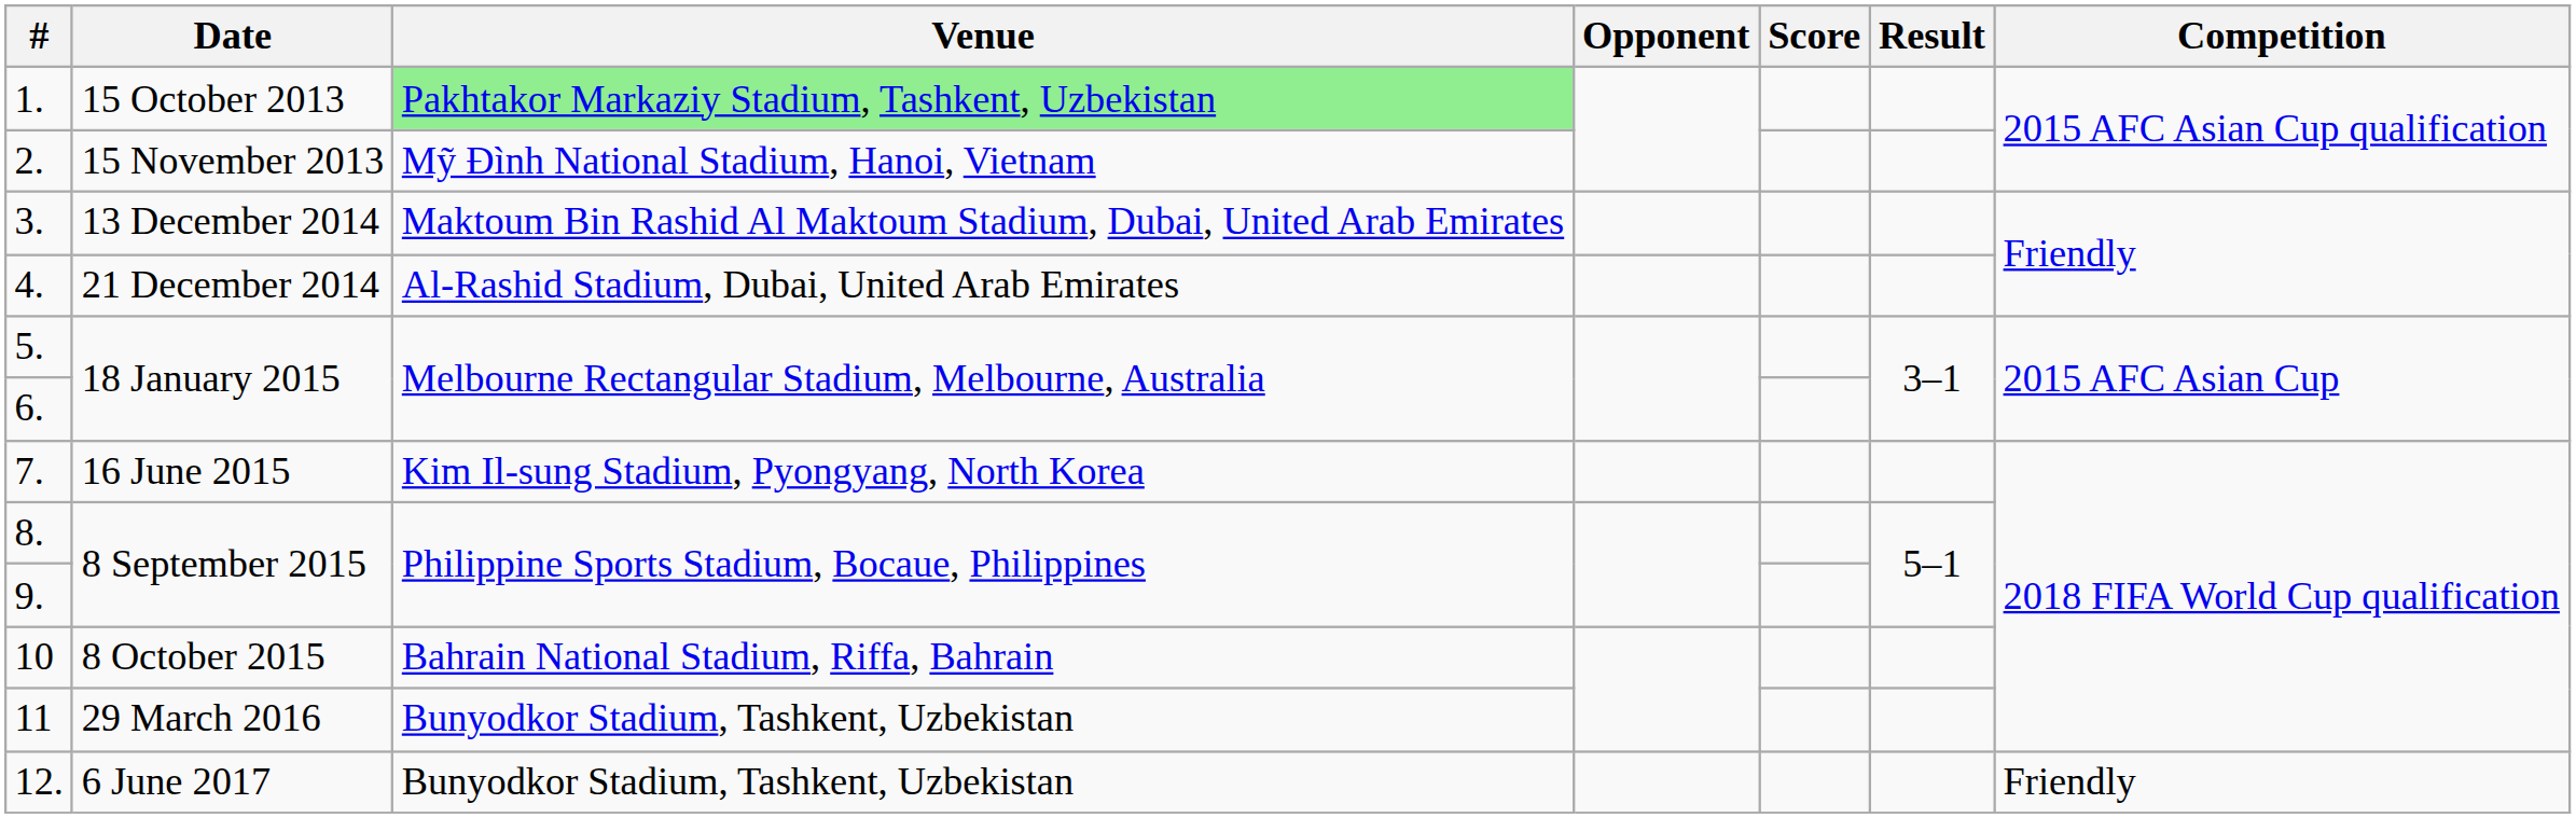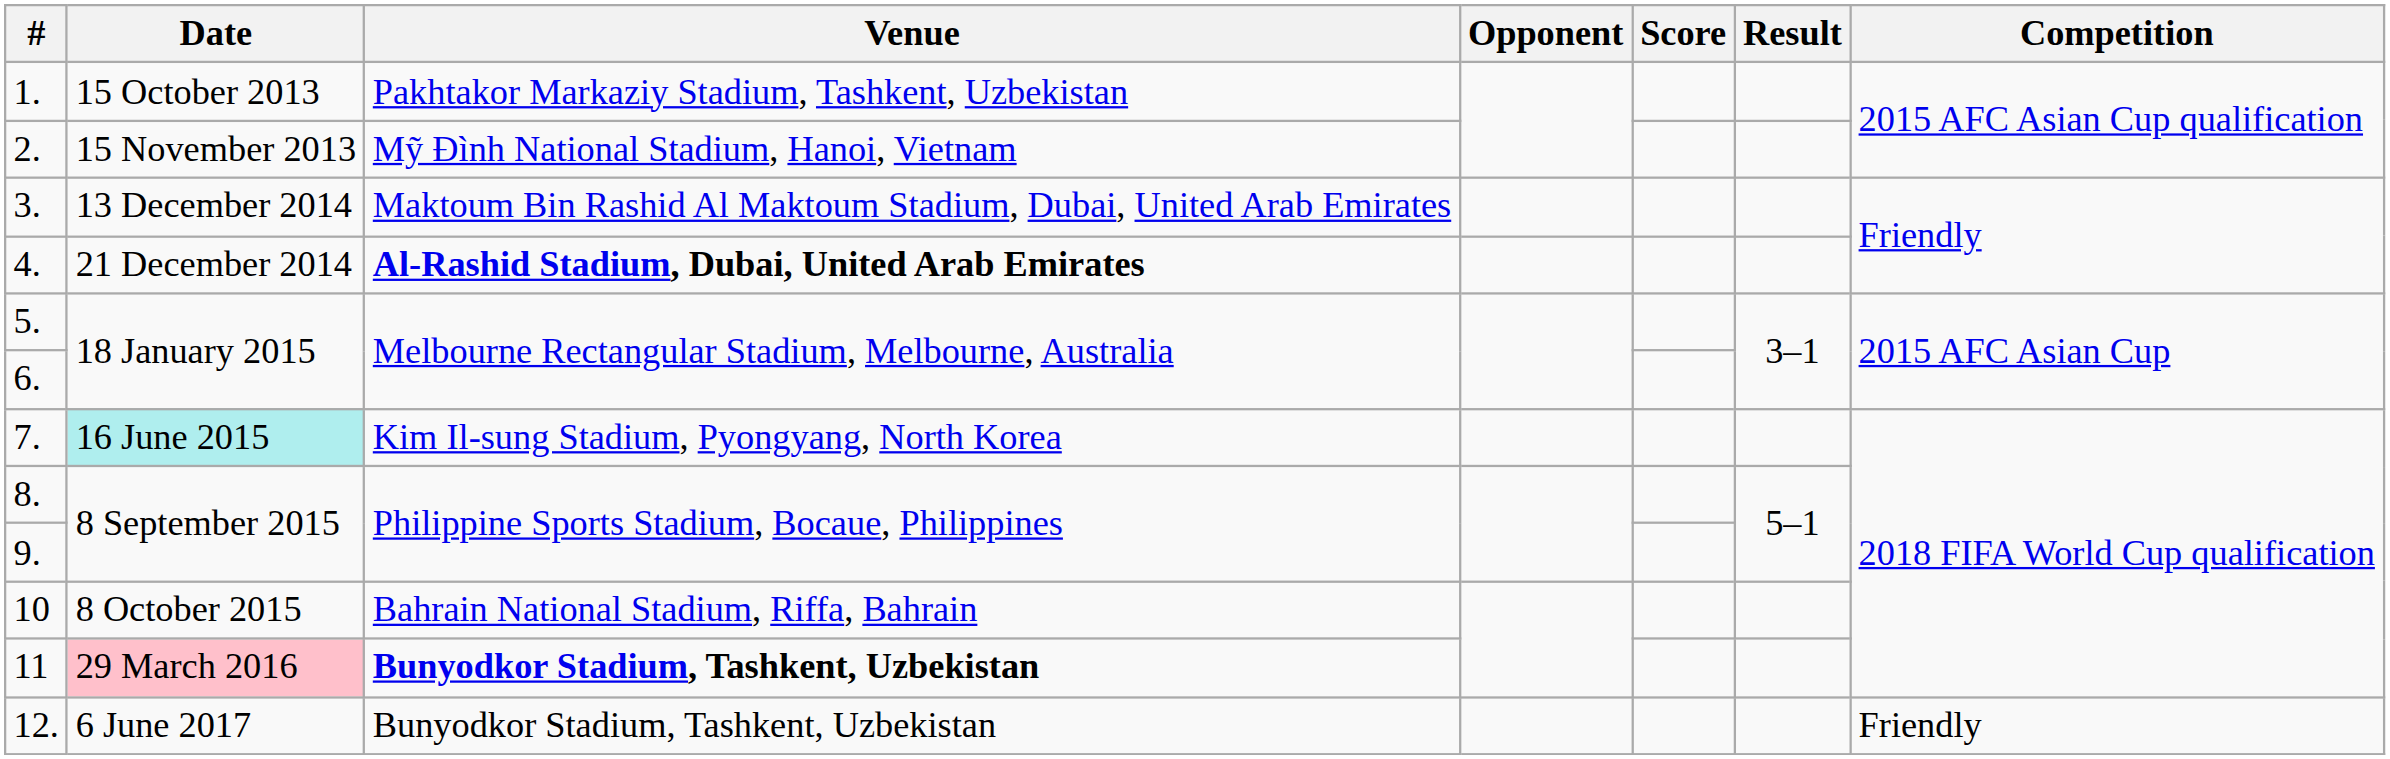 <table class="wikitable">
 <tr>
 <th>#</th>
 <th>Date</th>
 <th>Venue</th>
 <th>Opponent</th>
 <th>Score</th>
 <th>Result</th>
 <th>Competition</th>
 </tr>
 <tr>
 <td>1.</td>
 <td>15 October 2013</td>
-<td style="background: lightgreen;"><a href='#'>Pakhtakor Markaziy Stadium</a>, <a href='#'>Tashkent</a>, <a href='#'>Uzbekistan</a></td>
+<td><a href='#'>Pakhtakor Markaziy Stadium</a>, <a href='#'>Tashkent</a>, <a href='#'>Uzbekistan</a></td>
 <td rowspan=2></td>
 <td></td>
 <td></td>
 <td rowspan=2><a href='#'>2015 AFC Asian Cup qualification</a></td>
 </tr>
 <tr>
 <td>2.</td>
 <td>15 November 2013</td>
 <td><a href='#'>Mỹ Đình National Stadium</a>, <a href='#'>Hanoi</a>, <a href='#'>Vietnam</a></td>
 <td></td>
 <td></td>
 </tr>
 <tr>
 <td>3.</td>
 <td>13 December 2014</td>
 <td><a href='#'>Maktoum Bin Rashid Al Maktoum Stadium</a>, <a href='#'>Dubai</a>, <a href='#'>United Arab Emirates</a></td>
 <td></td>
 <td></td>
 <td></td>
 <td rowspan=2><a href='#'>Friendly</a></td>
 </tr>
 <tr>
 <td>4.</td>
 <td>21 December 2014</td>
-<td><a href='#'>Al-Rashid Stadium</a>, Dubai, United Arab Emirates</td>
+<td><strong><a href='#'>Al-Rashid Stadium</a>, Dubai, United Arab Emirates</strong></td>
 <td></td>
 <td></td>
 <td></td>
 </tr>
 <tr>
 <td>5.</td>
 <td rowspan=2>18 January 2015</td>
 <td rowspan=2><a href='#'>Melbourne Rectangular Stadium</a>, <a href='#'>Melbourne</a>, <a href='#'>Australia</a></td>
 <td rowspan=2></td>
 <td></td>
 <td rowspan=2 style="text-align:center;">3–1</td>
 <td rowspan=2><a href='#'>2015 AFC Asian Cup</a></td>
 </tr>
 <tr>
 <td>6.</td>
 <td></td>
 </tr>
 <tr>
 <td>7.</td>
-<td>16 June 2015</td>
+<td style="background: paleturquoise;">16 June 2015</td>
 <td><a href='#'>Kim Il-sung Stadium</a>, <a href='#'>Pyongyang</a>, <a href='#'>North Korea</a></td>
 <td></td>
 <td></td>
 <td></td>
 <td rowspan=5><a href='#'>2018 FIFA World Cup qualification</a></td>
 </tr>
 <tr>
 <td>8.</td>
 <td rowspan=2>8 September 2015</td>
 <td rowspan=2><a href='#'>Philippine Sports Stadium</a>, <a href='#'>Bocaue</a>, <a href='#'>Philippines</a></td>
 <td rowspan=2></td>
 <td></td>
 <td rowspan=2 style="text-align:center;">5–1</td>
 </tr>
 <tr>
 <td>9.</td>
 <td></td>
 </tr>
 <tr>
 <td>10</td>
 <td>8 October 2015</td>
 <td><a href='#'>Bahrain National Stadium</a>, <a href='#'>Riffa</a>, <a href='#'>Bahrain</a></td>
 <td rowspan=2></td>
 <td></td>
 <td></td>
 </tr>
 <tr>
 <td>11</td>
-<td>29 March 2016</td>
-<td><a href='#'>Bunyodkor Stadium</a>, Tashkent, Uzbekistan</td>
+<td style="background: pink;">29 March 2016</td>
+<td><strong><a href='#'>Bunyodkor Stadium</a>, Tashkent, Uzbekistan</strong></td>
 <td></td>
 <td></td>
 </tr>
 <tr>
 <td>12.</td>
 <td>6 June 2017</td>
 <td>Bunyodkor Stadium, Tashkent, Uzbekistan</td>
 <td></td>
 <td></td>
 <td></td>
 <td rowspan=2>Friendly</td>
 </tr>
 </table>
